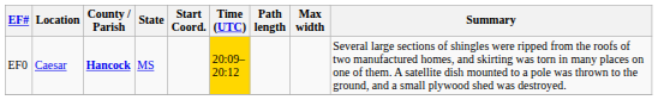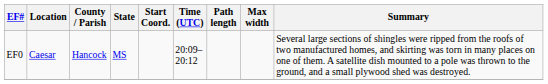 <table class="wikitable sortable" style="width:100%;">
 <tr>
 <th scope="col" style="width:3%; text-align:center;"><a href='#'>EF#</a></th>
 <th scope="col" style="width:7%; text-align:center;" class="unsortable">Location</th>
 <th scope="col" style="width:6%; text-align:center;" class="unsortable">County / Parish</th>
 <th scope="col" style="width:5%; text-align:center;">State</th>
 <th scope="col" style="width:6%; text-align:center;">Start Coord.</th>
 <th scope="col" style="width:6%; text-align:center;">Time (<a href='#'>UTC</a>)</th>
 <th scope="col" style="width:6%; text-align:center;">Path length</th>
 <th scope="col" style="width:6%; text-align:center;">Max width</th>
 <th scope="col" class="unsortable" style="width:48%; text-align:center;">Summary</th>
 </tr>
 <tr>
 <td bgcolor=>EF0</td>
 <td><a href='#'>Caesar</a></td>
-<td><strong><a href='#'>Hancock</a></strong></td>
+<td><a href='#'>Hancock</a></td>
 <td><a href='#'>MS</a></td>
 <td></td>
-<td style="background: gold;">20:09–20:12</td>
+<td>20:09–20:12</td>
 <td></td>
 <td></td>
 <td>Several large sections of shingles were ripped from the roofs of two manufactured homes, and skirting was torn in many places on one of them. A satellite dish mounted to a pole was thrown to the ground, and a small plywood shed was destroyed.</td>
 </tr>
 <tr>
 </tr>
 </table>
